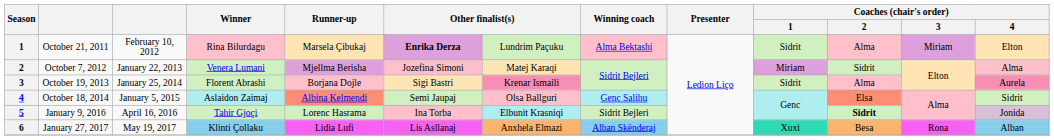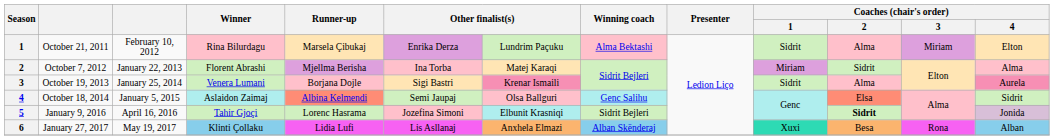 <table class="wikitable" style="text-align:center; font-size:90%; line-height:16px;" width="100%">
 <tr>
 <th width="1%" rowspan="2" scope="col">Season</th>
 <th width="6%" rowspan="2" scope="col"></th>
 <th width="6%" rowspan="2" scope="col"></th>
 <th width="8%" rowspan="2" scope="col">Winner</th>
 <th width="8%" rowspan="2" scope="col">Runner-up</th>
 <th width="16%" rowspan="2" colspan="2" scope="col">Other finalist(s)</th>
 <th width="7%" rowspan="2" scope="col">Winning coach</th>
 <th width="7%" rowspan="2" scope="col">Presenter</th>
 <th scope="col" colspan="4" width="24%">Coaches (chair's order)</th>
 </tr>
 <tr>
 <th width="6%">1</th>
 <th width="6%">2</th>
 <th width="6%">3</th>
 <th width="6%">4</th>
 </tr>
 <tr>
 <th>1</th>
 <td>October 21, 2011</td>
 <td>February 10, 2012</td>
 <td style="background:pink;">Rina Bilurdagu</td>
 <td style="background:#ffe5b4;">Marsela Çibukaj</td>
-<td width="08%" style="background:#dda0dd;"><strong>Enrika Derza</strong></td>
+<td width="08%" style="background:#dda0dd;">Enrika Derza</td>
 <td width="08%" style="background:#d0f0c0;">Lundrim Paçuku</td>
 <td style="background:pink;"><a href='#'>Alma Bektashi</a></td>
 <td rowspan="6"><a href='#'>Ledion Liço</a></td>
 <td style="background:#d0f0c0;">Sidrit</td>
 <td style="background:pink;">Alma</td>
 <td style="background:#dda0dd">Miriam</td>
 <td style="background:#ffe5b4;">Elton</td>
 </tr>
 <tr>
 <th>2</th>
 <td>October 7, 2012</td>
 <td>January 22, 2013</td>
-<td style="background:#d0f0c0;"><a href='#'>Venera Lumani</a></td>
+<td style="background:#d0f0c0;">Florent Abrashi</td>
 <td style="background:#dda0dd;">Mjellma Berisha</td>
-<td style="background:pink;">Jozefina Simoni</td>
+<td style="background:pink;">Ina Torba</td>
 <td style="background:#ffe5b4;">Matej Karaqi</td>
 <td rowspan="2" style="background:#d0f0c0;"><a href='#'>Sidrit Bejleri</a></td>
 <td style="background:#dda0dd">Miriam</td>
 <td style="background:#d0f0c0;">Sidrit</td>
 <td rowspan="2" style="background:#ffe5b4;">Elton</td>
 <td style="background:pink;">Alma</td>
 </tr>
 <tr>
 <th>3</th>
 <td>October 19, 2013</td>
 <td>January 25, 2014</td>
-<td style="background:#d0f0c0;">Florent Abrashi</td>
+<td style="background:#d0f0c0;"><a href='#'>Venera Lumani</a></td>
 <td style="background:pink;">Borjana Dojle</td>
 <td style="background:#ffe5b4;">Sigi Bastri</td>
 <td style="background:#f78fb4;">Krenar Ismaili</td>
 <td style="background:#d0f0c0;">Sidrit</td>
 <td style="background:pink;">Alma</td>
 <td style="background:#f78fb4;">Aurela</td>
 </tr>
 <tr>
 <th><a href='#'>4</a></th>
 <td>October 18, 2014</td>
 <td>January 5, 2015</td>
 <td style="background:#afeeee;">Aslaidon Zaimaj</td>
 <td style="background:#ff8c75;"><a href='#'>Albina Kelmendi</a></td>
 <td style="background:#d0f0c0;">Semi Jaupaj</td>
 <td style="background:pink;">Olsa Ballguri</td>
 <td style="background:#afeeee;"><a href='#'>Genc Salihu</a></td>
 <td rowspan="2" style="background:#afeeee;">Genc</td>
 <td style="background:#ff8c75;">Elsa</td>
 <td rowspan="2" style="background:pink;">Alma</td>
 <td style="background:#d0f0c0;">Sidrit</td>
 </tr>
 <tr>
 <th><a href='#'>5</a></th>
 <td>January 9, 2016</td>
 <td>April 16, 2016</td>
 <td style="background:#d0f0c0;"><a href='#'>Tahir Gjoçi</a></td>
 <td style="background:#d0f0c0;">Lorenc Hasrama</td>
-<td style="background:pink;">Ina Torba</td>
+<td style="background:pink;">Jozefina Simoni</td>
 <td style="background:#afeeee;">Elbunit Krasniqi</td>
 <td style="background:#d0f0c0;">Sidrit Bejleri</td>
 <td style="background:#d0f0c0;"><strong>Sidrit</strong></td>
 <td style="background:thistle;">Jonida</td>
 </tr>
 <tr>
 <th>6</th>
 <td>January 27, 2017</td>
 <td>May 19, 2017</td>
 <td style="background:#87ceeb;">Klinti Çollaku</td>
 <td style="background:#f761f3;">Lidia Lufi</td>
 <td style="background:#f761f3;">Lis Asllanaj</td>
 <td style="background:#fbb46e;">Anxhela Elmazi</td>
 <td style="background:#87ceeb;"><a href='#'>Alban Skënderaj</a></td>
 <td style="background:#2ddab4;">Xuxi</td>
 <td style="background:#fbb46e;">Besa</td>
 <td style="background:#f761f3;">Rona</td>
 <td style="background:#87ceeb;">Alban</td>
 </tr>
 <tr>
 </tr>
 </table>
